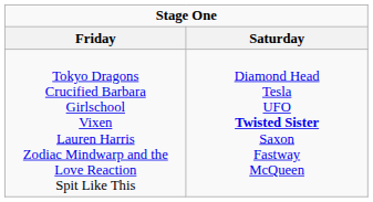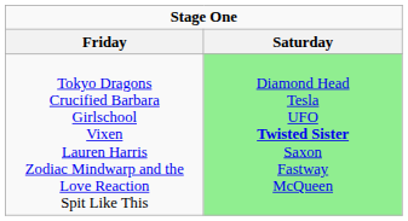 <table class="wikitable">
 <tr>
 <td colspan="2" align="center"><strong>Stage One</strong></td>
 </tr>
 <tr>
 <th>Friday</th>
 <th>Saturday</th>
 </tr>
 <tr>
 <td valign="top" align="center" width=200><br><a href='#'>Tokyo Dragons</a><br> <a href='#'>Crucified Barbara</a><br> <a href='#'>Girlschool</a><br> <a href='#'>Vixen</a><br> <a href='#'>Lauren Harris</a><br> <a href='#'>Zodiac Mindwarp and the Love Reaction</a><br> Spit Like This</td>
-<td valign="top" align="center" width=200><br><a href='#'>Diamond Head</a><br> <a href='#'>Tesla</a><br> <a href='#'>UFO</a><br> <strong><a href='#'>Twisted Sister</a></strong><br> <a href='#'>Saxon</a><br> <a href='#'>Fastway</a><br> <a href='#'>McQueen</a><br></td>
+<td valign="top" align="center" width=200 style="background: lightgreen;"><br><a href='#'>Diamond Head</a><br> <a href='#'>Tesla</a><br> <a href='#'>UFO</a><br> <strong><a href='#'>Twisted Sister</a></strong><br> <a href='#'>Saxon</a><br> <a href='#'>Fastway</a><br> <a href='#'>McQueen</a><br></td>
 </tr>
 </table>
